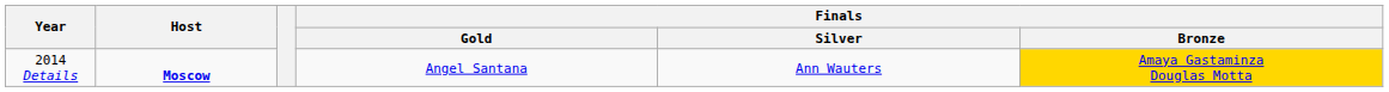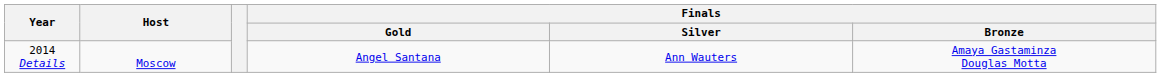 <table class="wikitable" style="font-size:90%; width: 98%; text-align: center;">
 <tr>
 <th rowspan=2 width=5%>Year</th>
 <th rowspan=2 width=10%>Host</th>
 <th width=1% rowspan=3 bgcolor=ffffff></th>
 <th colspan=4>Finals</th>
 </tr>
 <tr>
 <th width=20%> Gold</th>
 <th width=20%> Silver</th>
 <th width=20%> Bronze</th>
 </tr>
 <tr>
 <td>2014<br><em><a href='#'>Details</a></em></td>
-<td><strong><br><a href='#'>Moscow</a></strong></td>
+<td><br><a href='#'>Moscow</a></td>
 <td> <a href='#'>Angel Santana</a> </td>
 <td> <a href='#'>Ann Wauters</a> </td>
-<td style="background: gold;"> <a href='#'>Amaya Gastaminza</a> <br> <a href='#'>Douglas Motta</a> </td>
+<td> <a href='#'>Amaya Gastaminza</a> <br> <a href='#'>Douglas Motta</a> </td>
 </tr>
 </table>
